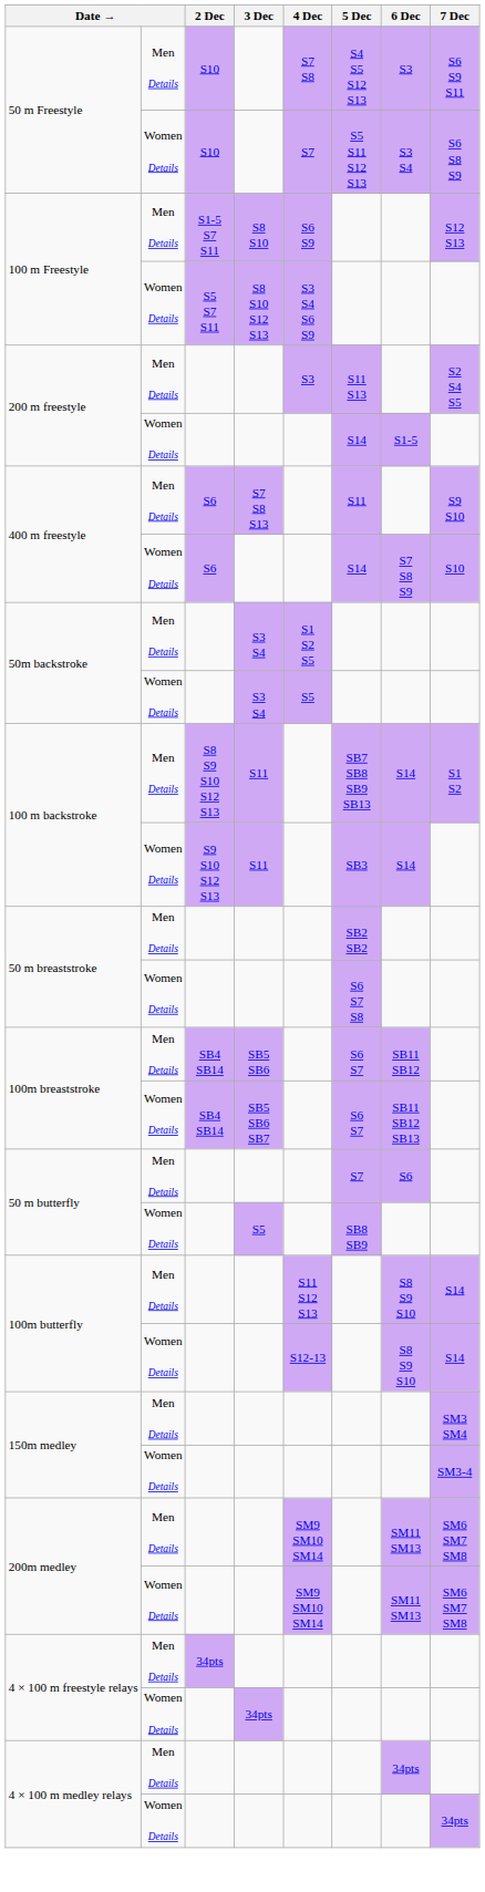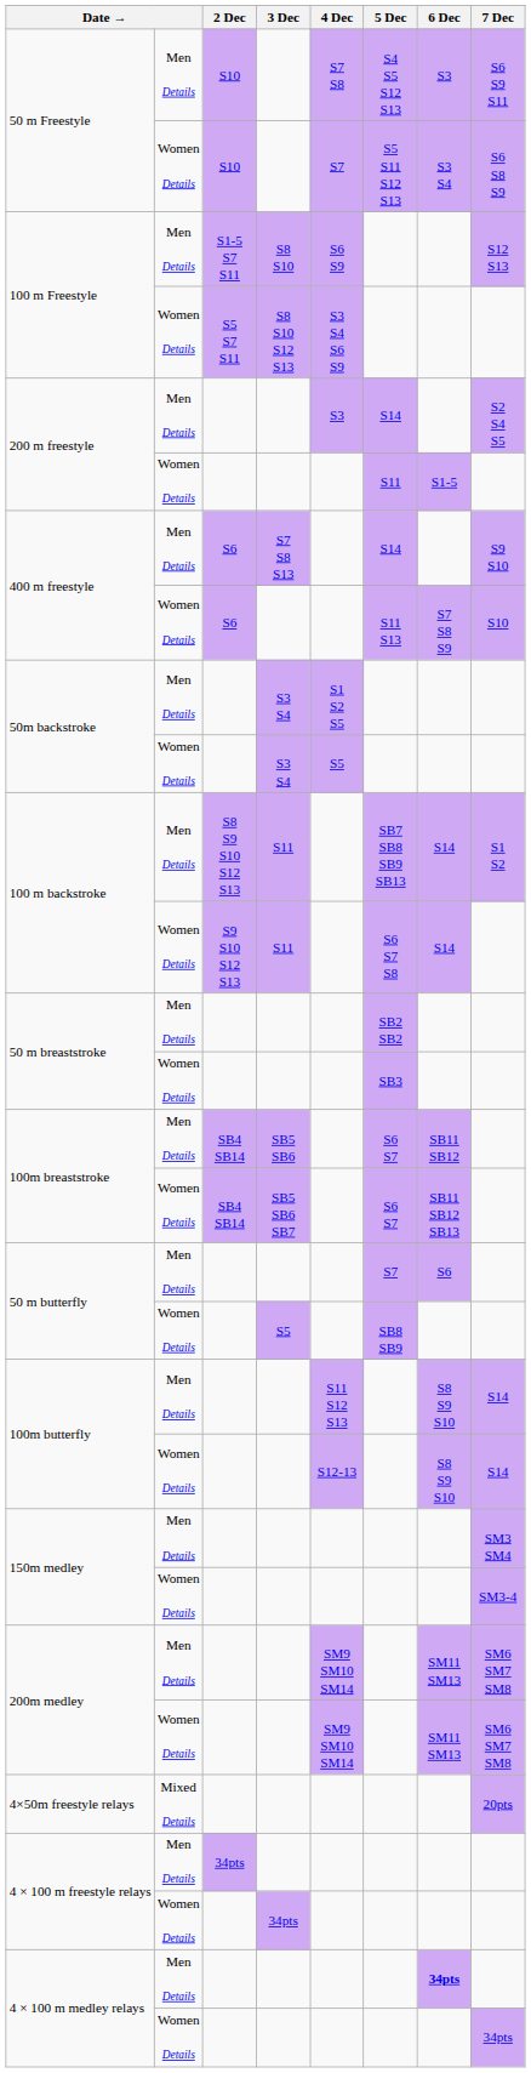 <table class="wikitable" style="margin:0.5em auto; font-size:90%; line-height:1.25em;">
 <tr>
 <th colspan="2">Date →</th>
 <th width="50px">2 Dec</th>
 <th width="50px">3 Dec</th>
 <th width="50px">4 Dec</th>
 <th width="50px">5 Dec</th>
 <th width="50px">6 Dec</th>
 <th width="50px">7 Dec</th>
 </tr>
 <tr align="center">
 <td rowspan="2" align="left">50 m Freestyle</td>
 <td>Men<br><br><small><em><a href='#'>Details</a></em></small></td>
 <td bgcolor="#D0A9F5"><a href='#'>S10</a></td>
 <td></td>
 <td bgcolor="#D0A9F5"><a href='#'>S7</a><br><a href='#'>S8</a></td>
 <td bgcolor="#D0A9F5"><br><a href='#'>S4</a><br> <a href='#'>S5</a><br> <a href='#'>S12</a><br> <a href='#'>S13</a></td>
 <td bgcolor="#D0A9F5"><a href='#'>S3</a></td>
 <td bgcolor="#D0A9F5"><br><a href='#'>S6</a><br> <a href='#'>S9</a><br> <a href='#'>S11</a></td>
 </tr>
 <tr align="center">
 <td>Women<br><br><small><em><a href='#'>Details</a></em></small></td>
 <td bgcolor="#D0A9F5"><a href='#'>S10</a></td>
 <td></td>
 <td bgcolor="#D0A9F5"><a href='#'>S7</a></td>
 <td bgcolor="#D0A9F5"><br><a href='#'>S5</a><br> <a href='#'>S11</a><br> <a href='#'>S12</a><br> <a href='#'>S13</a></td>
 <td bgcolor="#D0A9F5"><br><a href='#'>S3</a><br> <a href='#'>S4</a></td>
 <td bgcolor="#D0A9F5"><br><a href='#'>S6</a><br> <a href='#'>S8</a><br> <a href='#'>S9</a></td>
 </tr>
 <tr align="center">
 <td rowspan="2" align="left">100 m Freestyle</td>
 <td>Men<br><br><small><em><a href='#'>Details</a></em></small></td>
 <td bgcolor="#D0A9F5"><br><a href='#'>S1-5</a><br> <a href='#'>S7</a><br> <a href='#'>S11</a></td>
 <td bgcolor="#D0A9F5"><br><a href='#'>S8</a><br> <a href='#'>S10</a></td>
 <td bgcolor="#D0A9F5"><br><a href='#'>S6</a><br> <a href='#'>S9</a></td>
 <td></td>
 <td></td>
 <td bgcolor="#D0A9F5"><br><a href='#'>S12</a><br> <a href='#'>S13</a></td>
 </tr>
 <tr align="center">
 <td>Women<br><br><small><em><a href='#'>Details</a></em></small></td>
 <td bgcolor="#D0A9F5"><br><a href='#'>S5</a><br> <a href='#'>S7</a><br> <a href='#'>S11</a></td>
 <td bgcolor="#D0A9F5"><br><a href='#'>S8</a><br> <a href='#'>S10</a><br> <a href='#'>S12</a><br> <a href='#'>S13</a></td>
 <td bgcolor="#D0A9F5"><br><a href='#'>S3</a><br> <a href='#'>S4</a><br> <a href='#'>S6</a><br> <a href='#'>S9</a></td>
 <td></td>
 <td></td>
 <td></td>
 </tr>
 <tr align="center">
 <td rowspan="2" align="left">200 m freestyle</td>
 <td>Men<br><br><small><em><a href='#'>Details</a></em></small></td>
 <td></td>
 <td></td>
 <td bgcolor="#D0A9F5"><a href='#'>S3</a></td>
-<td bgcolor="#D0A9F5"><br><a href='#'>S11</a><br> <a href='#'>S13</a></td>
+<td bgcolor="#D0A9F5"><a href='#'>S14</a></td>
 <td></td>
 <td bgcolor="#D0A9F5"><br><a href='#'>S2</a><br> <a href='#'>S4</a><br> <a href='#'>S5</a></td>
 </tr>
 <tr align="center">
 <td>Women<br><br><small><em><a href='#'>Details</a></em></small></td>
 <td></td>
 <td></td>
 <td></td>
-<td bgcolor="#D0A9F5"><a href='#'>S14</a></td>
+<td bgcolor="#D0A9F5"><a href='#'>S11</a></td>
 <td bgcolor="#D0A9F5"><a href='#'>S1-5</a></td>
 <td></td>
 </tr>
 <tr align="center">
 <td rowspan="2" align="left">400 m freestyle</td>
 <td>Men<br><br><small><em><a href='#'>Details</a></em></small></td>
 <td bgcolor="#D0A9F5"><a href='#'>S6</a></td>
 <td bgcolor="#D0A9F5"><br><a href='#'>S7</a><br> <a href='#'>S8</a><br> <a href='#'>S13</a></td>
 <td></td>
-<td bgcolor="#D0A9F5"><a href='#'>S11</a></td>
+<td bgcolor="#D0A9F5"><a href='#'>S14</a></td>
 <td></td>
 <td bgcolor="#D0A9F5"><br><a href='#'>S9</a><br> <a href='#'>S10</a></td>
 </tr>
 <tr align="center">
 <td>Women<br><br><small><em><a href='#'>Details</a></em></small></td>
 <td bgcolor="#D0A9F5"><a href='#'>S6</a></td>
 <td></td>
 <td></td>
-<td bgcolor="#D0A9F5"><a href='#'>S14</a></td>
+<td bgcolor="#D0A9F5"><br><a href='#'>S11</a><br> <a href='#'>S13</a></td>
 <td bgcolor="#D0A9F5"><br><a href='#'>S7</a><br> <a href='#'>S8</a><br> <a href='#'>S9</a></td>
 <td bgcolor="#D0A9F5"><a href='#'>S10</a></td>
 </tr>
 <tr align="center">
 <td rowspan="2" align="left">50m backstroke</td>
 <td>Men<br><br><small><em><a href='#'>Details</a></em></small></td>
 <td></td>
 <td bgcolor="#D0A9F5"><br><a href='#'>S3</a><br> <a href='#'>S4</a></td>
 <td bgcolor="#D0A9F5"><br><a href='#'>S1</a><br> <a href='#'>S2</a><br> <a href='#'>S5</a></td>
 <td></td>
 <td></td>
 <td></td>
 </tr>
 <tr align="center">
 <td>Women<br><br><small><em><a href='#'>Details</a></em></small></td>
 <td></td>
 <td bgcolor="#D0A9F5"><br><a href='#'>S3</a><br> <a href='#'>S4</a></td>
 <td bgcolor="#D0A9F5"><a href='#'>S5</a></td>
 <td></td>
 <td></td>
 <td></td>
 </tr>
 <tr align="center">
 <td rowspan="2" align="left">100 m backstroke</td>
 <td>Men<br><br><small><em><a href='#'>Details</a></em></small></td>
 <td bgcolor="#D0A9F5"><br><a href='#'>S8</a><br> <a href='#'>S9</a><br> <a href='#'>S10</a><br> <a href='#'>S12</a><br> <a href='#'>S13</a></td>
 <td bgcolor="#D0A9F5"><a href='#'>S11</a></td>
 <td></td>
 <td bgcolor="#D0A9F5"><br><a href='#'>SB7</a><br> <a href='#'>SB8</a><br> <a href='#'>SB9</a><br> <a href='#'>SB13</a></td>
 <td bgcolor="#D0A9F5"><a href='#'>S14</a></td>
 <td bgcolor="#D0A9F5"><br><a href='#'>S1</a><br> <a href='#'>S2</a></td>
 </tr>
 <tr align="center">
 <td>Women<br><br><small><em><a href='#'>Details</a></em></small></td>
 <td bgcolor="#D0A9F5"><br><a href='#'>S9</a><br> <a href='#'>S10</a><br> <a href='#'>S12</a><br> <a href='#'>S13</a></td>
 <td bgcolor="#D0A9F5"><a href='#'>S11</a></td>
 <td></td>
-<td bgcolor="#D0A9F5"><a href='#'>SB3</a></td>
+<td bgcolor="#D0A9F5"><br><a href='#'>S6</a><br> <a href='#'>S7</a><br> <a href='#'>S8</a></td>
 <td bgcolor="#D0A9F5"><a href='#'>S14</a></td>
 <td></td>
 </tr>
 <tr align="center">
 <td rowspan="2" align="left">50 m breaststroke</td>
 <td>Men<br><br><small><em><a href='#'>Details</a></em></small></td>
 <td></td>
 <td></td>
 <td></td>
 <td bgcolor="#D0A9F5"><br><a href='#'>SB2</a><br> <a href='#'>SB2</a></td>
 <td></td>
 <td></td>
 </tr>
 <tr align="center">
 <td>Women<br><br><small><em><a href='#'>Details</a></em></small></td>
 <td></td>
 <td></td>
 <td></td>
-<td bgcolor="#D0A9F5"><br><a href='#'>S6</a><br> <a href='#'>S7</a><br> <a href='#'>S8</a></td>
+<td bgcolor="#D0A9F5"><a href='#'>SB3</a></td>
 <td></td>
 <td></td>
 </tr>
 <tr align="center">
 <td rowspan="2" align="left">100m breaststroke</td>
 <td>Men<br><br><small><em><a href='#'>Details</a></em></small></td>
 <td bgcolor="#D0A9F5"><br><a href='#'>SB4</a><br> <a href='#'>SB14</a></td>
 <td bgcolor="#D0A9F5"><br><a href='#'>SB5</a><br> <a href='#'>SB6</a></td>
 <td></td>
 <td bgcolor="#D0A9F5"><br><a href='#'>S6</a><br> <a href='#'>S7</a></td>
 <td bgcolor="#D0A9F5"><br><a href='#'>SB11</a><br> <a href='#'>SB12</a></td>
 <td></td>
 </tr>
 <tr align="center">
 <td>Women<br><br><small><em><a href='#'>Details</a></em></small></td>
 <td bgcolor="#D0A9F5"><br><a href='#'>SB4</a><br> <a href='#'>SB14</a></td>
 <td bgcolor="#D0A9F5"><br><a href='#'>SB5</a><br> <a href='#'>SB6</a><br> <a href='#'>SB7</a></td>
 <td></td>
 <td bgcolor="#D0A9F5"><br><a href='#'>S6</a><br> <a href='#'>S7</a></td>
 <td bgcolor="#D0A9F5"><br><a href='#'>SB11</a><br> <a href='#'>SB12</a><br> <a href='#'>SB13</a></td>
 <td></td>
 </tr>
 <tr align="center">
 <td rowspan="2" align="left">50 m butterfly</td>
 <td>Men<br><br><small><em><a href='#'>Details</a></em></small></td>
 <td></td>
 <td></td>
 <td></td>
 <td bgcolor="#D0A9F5"><a href='#'>S7</a></td>
 <td bgcolor="#D0A9F5"><a href='#'>S6</a></td>
 <td></td>
 </tr>
 <tr align="center">
 <td>Women<br><br><small><em><a href='#'>Details</a></em></small></td>
 <td></td>
 <td bgcolor="#D0A9F5"><a href='#'>S5</a></td>
 <td></td>
 <td bgcolor="#D0A9F5"><br><a href='#'>SB8</a><br> <a href='#'>SB9</a></td>
 <td></td>
 <td></td>
 </tr>
 <tr align="center">
 <td rowspan="2" align="left">100m butterfly</td>
 <td>Men<br><br><small><em><a href='#'>Details</a></em></small></td>
 <td></td>
 <td></td>
 <td bgcolor="#D0A9F5"><br><a href='#'>S11</a><br> <a href='#'>S12</a><br> <a href='#'>S13</a></td>
 <td></td>
 <td bgcolor="#D0A9F5"><br><a href='#'>S8</a><br> <a href='#'>S9</a><br> <a href='#'>S10</a></td>
 <td bgcolor="#D0A9F5"><a href='#'>S14</a></td>
 </tr>
 <tr align="center">
 <td>Women<br><br><small><em><a href='#'>Details</a></em></small></td>
 <td></td>
 <td></td>
 <td bgcolor="#D0A9F5"><a href='#'>S12-13</a></td>
 <td></td>
 <td bgcolor="#D0A9F5"><br><a href='#'>S8</a><br> <a href='#'>S9</a><br> <a href='#'>S10</a></td>
 <td bgcolor="#D0A9F5"><a href='#'>S14</a></td>
 </tr>
 <tr align="center">
 <td rowspan="2" align="left">150m medley</td>
 <td>Men<br><br><small><em><a href='#'>Details</a></em></small></td>
 <td></td>
 <td></td>
 <td></td>
 <td></td>
 <td></td>
 <td bgcolor="#D0A9F5"><br><a href='#'>SM3</a><br> <a href='#'>SM4</a></td>
 </tr>
 <tr align="center">
 <td>Women<br><br><small><em><a href='#'>Details</a></em></small></td>
 <td></td>
 <td></td>
 <td></td>
 <td></td>
 <td></td>
 <td bgcolor="#D0A9F5"><a href='#'>SM3-4</a></td>
 </tr>
 <tr align="center">
 <td rowspan="2" align="left">200m medley</td>
 <td>Men<br><br><small><em><a href='#'>Details</a></em></small></td>
 <td></td>
 <td></td>
 <td bgcolor="#D0A9F5"><br><a href='#'>SM9</a><br> <a href='#'>SM10</a><br> <a href='#'>SM14</a></td>
 <td></td>
 <td bgcolor="#D0A9F5"><br><a href='#'>SM11</a><br> <a href='#'>SM13</a></td>
 <td bgcolor="#D0A9F5"><br><a href='#'>SM6</a><br> <a href='#'>SM7</a><br> <a href='#'>SM8</a></td>
 </tr>
 <tr align="center">
 <td>Women<br><br><small><em><a href='#'>Details</a></em></small></td>
 <td></td>
 <td></td>
 <td bgcolor="#D0A9F5"><br><a href='#'>SM9</a><br> <a href='#'>SM10</a><br> <a href='#'>SM14</a></td>
 <td></td>
 <td bgcolor="#D0A9F5"><br><a href='#'>SM11</a><br> <a href='#'>SM13</a></td>
 <td bgcolor="#D0A9F5"><br><a href='#'>SM6</a><br> <a href='#'>SM7</a><br> <a href='#'>SM8</a></td>
 </tr>
 <tr align="center">
+<td rowspan="1" align="left">4×50m freestyle relays</td>
+<td>Mixed<br><br><small><em><a href='#'>Details</a></em></small></td>
+<td></td>
+<td></td>
+<td></td>
+<td></td>
+<td></td>
+<td bgcolor="#D0A9F5"><a href='#'>20pts</a></td>
+</tr>
+<tr align="center">
 <td rowspan="2" align="left">4 × 100 m freestyle relays</td>
 <td>Men<br><br><small><em><a href='#'>Details</a></em></small></td>
 <td bgcolor="#D0A9F5"><a href='#'>34pts</a></td>
 <td></td>
 <td></td>
 <td></td>
 <td></td>
 <td></td>
 </tr>
 <tr align="center">
 <td>Women<br><br><small><em><a href='#'>Details</a></em></small></td>
 <td></td>
 <td bgcolor="#D0A9F5"><a href='#'>34pts</a></td>
 <td></td>
 <td></td>
 <td></td>
 <td></td>
 </tr>
 <tr align="center">
 <td rowspan="2" align="left">4 × 100 m medley relays</td>
 <td>Men<br><br><small><em><a href='#'>Details</a></em></small></td>
 <td></td>
 <td></td>
 <td></td>
 <td></td>
-<td bgcolor="#D0A9F5"><a href='#'>34pts</a></td>
+<td bgcolor="#D0A9F5"><strong><a href='#'>34pts</a></strong></td>
 <td></td>
 </tr>
 <tr align="center">
 <td>Women<br><br><small><em><a href='#'>Details</a></em></small></td>
 <td></td>
 <td></td>
 <td></td>
 <td></td>
 <td></td>
 <td bgcolor="#D0A9F5"><a href='#'>34pts</a></td>
 </tr>
 </table>
